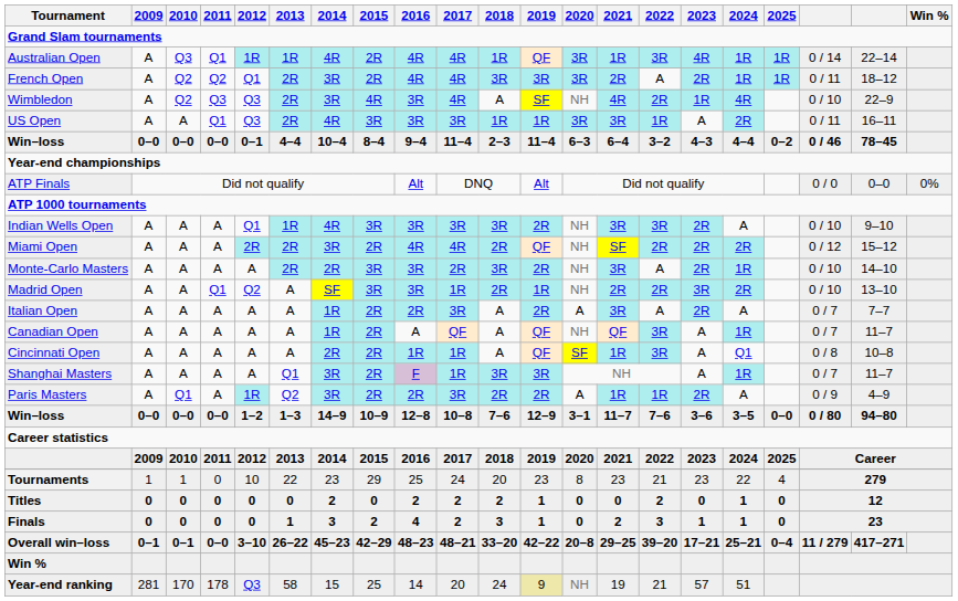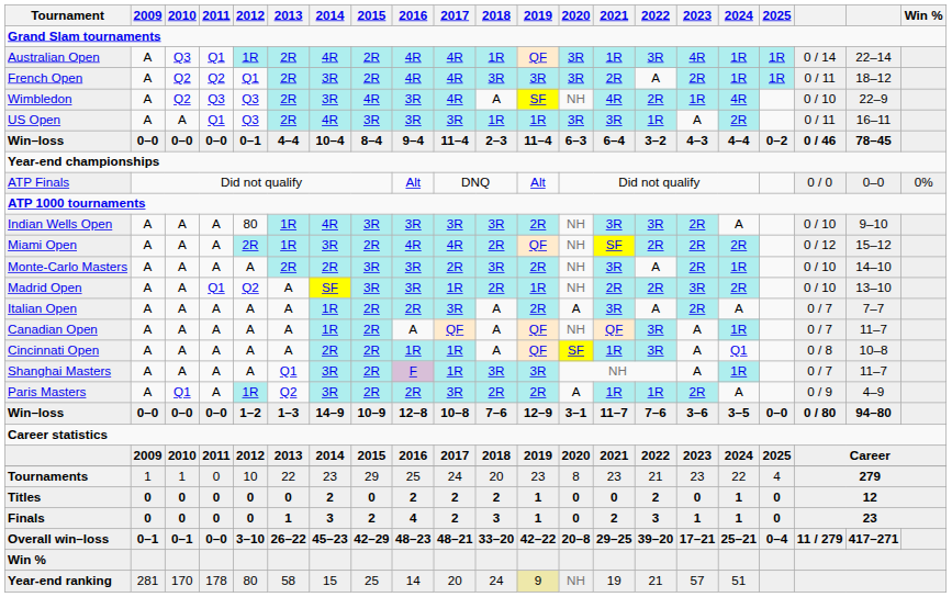 <table class=wikitable style=text-align:center;font-size:96%>
 <tr>
 <th>Tournament</th>
 <th><a href='#'>2009</a></th>
 <th><a href='#'>2010</a></th>
 <th><a href='#'>2011</a></th>
 <th><a href='#'>2012</a></th>
 <th><a href='#'>2013</a></th>
 <th><a href='#'>2014</a></th>
 <th><a href='#'>2015</a></th>
 <th><a href='#'>2016</a></th>
 <th><a href='#'>2017</a></th>
 <th><a href='#'>2018</a></th>
 <th><a href='#'>2019</a></th>
 <th><a href='#'>2020</a></th>
 <th><a href='#'>2021</a></th>
 <th><a href='#'>2022</a></th>
 <th><a href='#'>2023</a></th>
 <th><a href='#'>2024</a></th>
 <th><a href='#'>2025</a></th>
 <th></th>
 <th></th>
 <th>Win %</th>
 </tr>
 <tr>
 <td colspan=21 style="text-align:left"><strong><a href='#'>Grand Slam tournaments</a></strong></td>
 </tr>
 <tr>
 <td bgcolor=efefef align=left><a href='#'>Australian Open</a></td>
 <td>A</td>
 <td><a href='#'>Q3</a></td>
 <td><a href='#'>Q1</a></td>
 <td bgcolor=afeeee><a href='#'>1R</a></td>
-<td bgcolor=afeeee><a href='#'>1R</a></td>
+<td bgcolor=afeeee><a href='#'>2R</a></td>
 <td bgcolor=afeeee><a href='#'>4R</a></td>
 <td bgcolor=afeeee><a href='#'>2R</a></td>
 <td bgcolor=afeeee><a href='#'>4R</a></td>
 <td bgcolor=afeeee><a href='#'>4R</a></td>
 <td bgcolor=afeeee><a href='#'>1R</a></td>
 <td style=background:blanchedalmond><a href='#'>QF</a></td>
 <td bgcolor=afeeee><a href='#'>3R</a></td>
 <td bgcolor=afeeee><a href='#'>1R</a></td>
 <td bgcolor=afeeee><a href='#'>3R</a></td>
 <td bgcolor=afeeee><a href='#'>4R</a></td>
 <td bgcolor=afeeee><a href='#'>1R</a></td>
 <td bgcolor=afeeee><a href='#'>1R</a></td>
 <td bgcolor=efefef>0 / 14</td>
 <td bgcolor=efefef>22–14</td>
 <td bgcolor=efefef></td>
 </tr>
 <tr>
 <td bgcolor=efefef align=left><a href='#'>French Open</a></td>
 <td>A</td>
 <td><a href='#'>Q2</a></td>
 <td><a href='#'>Q2</a></td>
 <td><a href='#'>Q1</a></td>
 <td bgcolor=afeeee><a href='#'>2R</a></td>
 <td bgcolor=afeeee><a href='#'>3R</a></td>
 <td bgcolor=afeeee><a href='#'>2R</a></td>
 <td bgcolor=afeeee><a href='#'>4R</a></td>
 <td bgcolor=afeeee><a href='#'>4R</a></td>
 <td bgcolor=afeeee><a href='#'>3R</a></td>
 <td bgcolor=afeeee><a href='#'>3R</a></td>
 <td bgcolor=afeeee><a href='#'>3R</a></td>
 <td bgcolor=afeeee><a href='#'>2R</a></td>
 <td>A</td>
 <td bgcolor=afeeee><a href='#'>2R</a></td>
 <td bgcolor=afeeee><a href='#'>1R</a></td>
 <td bgcolor=afeeee><a href='#'>1R</a></td>
 <td bgcolor=efefef>0 / 11</td>
 <td bgcolor=efefef>18–12</td>
 <td bgcolor=efefef></td>
 </tr>
 <tr>
 <td bgcolor=efefef align=left><a href='#'>Wimbledon</a></td>
 <td>A</td>
 <td><a href='#'>Q2</a></td>
 <td><a href='#'>Q3</a></td>
 <td><a href='#'>Q3</a></td>
 <td bgcolor=afeeee><a href='#'>2R</a></td>
 <td bgcolor=afeeee><a href='#'>3R</a></td>
 <td bgcolor=afeeee><a href='#'>4R</a></td>
 <td bgcolor=afeeee><a href='#'>3R</a></td>
 <td bgcolor=afeeee><a href='#'>4R</a></td>
 <td>A</td>
 <td bgcolor=yellow><a href='#'>SF</a></td>
 <td style=color:#767676>NH</td>
 <td bgcolor=afeeee><a href='#'>4R</a></td>
 <td bgcolor=afeeee><a href='#'>2R</a></td>
 <td bgcolor=afeeee><a href='#'>1R</a></td>
 <td bgcolor=afeeee><a href='#'>4R</a></td>
 <td></td>
 <td bgcolor=efefef>0 / 10</td>
 <td bgcolor=efefef>22–9</td>
 <td bgcolor=efefef></td>
 </tr>
 <tr>
 <td bgcolor=efefef align=left><a href='#'>US Open</a></td>
 <td>A</td>
 <td>A</td>
 <td><a href='#'>Q1</a></td>
 <td><a href='#'>Q3</a></td>
 <td bgcolor=afeeee><a href='#'>2R</a></td>
 <td bgcolor=afeeee><a href='#'>4R</a></td>
 <td bgcolor=afeeee><a href='#'>3R</a></td>
 <td bgcolor=afeeee><a href='#'>3R</a></td>
 <td bgcolor=afeeee><a href='#'>3R</a></td>
 <td bgcolor=afeeee><a href='#'>1R</a></td>
 <td bgcolor=afeeee><a href='#'>1R</a></td>
 <td bgcolor=afeeee><a href='#'>3R</a></td>
 <td bgcolor=afeeee><a href='#'>3R</a></td>
 <td bgcolor=afeeee><a href='#'>1R</a></td>
 <td>A</td>
 <td bgcolor=afeeee><a href='#'>2R</a></td>
 <td></td>
 <td bgcolor=efefef>0 / 11</td>
 <td bgcolor=efefef>16–11</td>
 <td bgcolor=efefef></td>
 </tr>
 <tr style="font-weight:bold;background:#efefef">
 <td style="text-align:left">Win–loss</td>
 <td>0–0</td>
 <td>0–0</td>
 <td>0–0</td>
 <td>0–1</td>
 <td>4–4</td>
 <td>10–4</td>
 <td>8–4</td>
 <td>9–4</td>
 <td>11–4</td>
 <td>2–3</td>
 <td>11–4</td>
 <td>6–3</td>
 <td>6–4</td>
 <td>3–2</td>
 <td>4–3</td>
 <td>4–4</td>
 <td>0–2</td>
 <td>0 / 46</td>
 <td>78–45</td>
 <td></td>
 </tr>
 <tr>
 <td colspan=21 style="text-align:left"><strong>Year-end championships</strong></td>
 </tr>
 <tr>
 <td align=left style=background:#efefef><a href='#'>ATP Finals</a></td>
 <td colspan=7>Did not qualify</td>
 <td><a href='#'>Alt</a></td>
 <td colspan=2>DNQ</td>
 <td><a href='#'>Alt</a></td>
 <td colspan=5>Did not qualify</td>
 <td></td>
 <td bgcolor=efefef>0 / 0</td>
 <td bgcolor=efefef>0–0</td>
 <td bgcolor=efefef>0%</td>
 </tr>
 <tr>
 <td colspan=21 style="text-align:left"><strong><a href='#'>ATP 1000 tournaments</a></strong></td>
 </tr>
 <tr>
 <td bgcolor=efefef align="left"><a href='#'>Indian Wells Open</a></td>
 <td>A</td>
 <td>A</td>
 <td>A</td>
-<td><a href='#'>Q1</a></td>
+<td>80</td>
 <td bgcolor=afeeee><a href='#'>1R</a></td>
 <td bgcolor=afeeee><a href='#'>4R</a></td>
 <td bgcolor=afeeee><a href='#'>3R</a></td>
 <td bgcolor=afeeee><a href='#'>3R</a></td>
 <td bgcolor=afeeee><a href='#'>3R</a></td>
 <td bgcolor=afeeee><a href='#'>3R</a></td>
 <td bgcolor=afeeee><a href='#'>2R</a></td>
 <td style=color:#767676>NH</td>
 <td bgcolor=afeeee><a href='#'>3R</a></td>
 <td bgcolor=afeeee><a href='#'>3R</a></td>
 <td bgcolor=afeeee><a href='#'>2R</a></td>
 <td>A</td>
 <td></td>
 <td bgcolor=efefef>0 / 10</td>
 <td bgcolor=efefef>9–10</td>
 <td bgcolor=efefef></td>
 </tr>
 <tr>
 <td bgcolor=efefef align=left><a href='#'>Miami Open</a></td>
 <td>A</td>
 <td>A</td>
 <td>A</td>
 <td bgcolor=afeeee><a href='#'>2R</a></td>
-<td bgcolor=afeeee><a href='#'>2R</a></td>
+<td bgcolor=afeeee><a href='#'>1R</a></td>
 <td bgcolor=afeeee><a href='#'>3R</a></td>
 <td bgcolor=afeeee><a href='#'>2R</a></td>
 <td bgcolor=afeeee><a href='#'>4R</a></td>
 <td bgcolor=afeeee><a href='#'>4R</a></td>
 <td bgcolor=afeeee><a href='#'>2R</a></td>
 <td bgcolor=ffebcd><a href='#'>QF</a></td>
 <td style=color:#767676>NH</td>
 <td bgcolor=yellow><a href='#'>SF</a></td>
 <td bgcolor=afeeee><a href='#'>2R</a></td>
 <td bgcolor=afeeee><a href='#'>2R</a></td>
 <td bgcolor=afeeee><a href='#'>2R</a></td>
 <td></td>
 <td bgcolor=efefef>0 / 12</td>
 <td bgcolor=efefef>15–12</td>
 <td bgcolor=efefef></td>
 </tr>
 <tr>
 <td bgcolor=efefef align=left><a href='#'>Monte-Carlo Masters</a></td>
 <td>A</td>
 <td>A</td>
 <td>A</td>
 <td>A</td>
 <td bgcolor=afeeee><a href='#'>2R</a></td>
 <td bgcolor=afeeee><a href='#'>2R</a></td>
 <td bgcolor=afeeee><a href='#'>3R</a></td>
 <td bgcolor=afeeee><a href='#'>3R</a></td>
 <td bgcolor=afeeee><a href='#'>2R</a></td>
 <td bgcolor=afeeee><a href='#'>3R</a></td>
 <td bgcolor=afeeee><a href='#'>2R</a></td>
 <td style=color:#767676>NH</td>
 <td bgcolor=afeeee><a href='#'>3R</a></td>
 <td>A</td>
 <td bgcolor=afeeee><a href='#'>2R</a></td>
 <td bgcolor=afeeee><a href='#'>1R</a></td>
 <td></td>
 <td bgcolor=efefef>0 / 10</td>
 <td bgcolor=efefef>14–10</td>
 <td bgcolor=efefef></td>
 </tr>
 <tr>
 <td bgcolor=efefef align=left><a href='#'>Madrid Open</a></td>
 <td>A</td>
 <td>A</td>
 <td><a href='#'>Q1</a></td>
 <td><a href='#'>Q2</a></td>
 <td>A</td>
 <td bgcolor=yellow><a href='#'>SF</a></td>
 <td bgcolor=afeeee><a href='#'>3R</a></td>
 <td bgcolor=afeeee><a href='#'>3R</a></td>
 <td bgcolor=afeeee><a href='#'>1R</a></td>
 <td bgcolor=afeeee><a href='#'>2R</a></td>
 <td bgcolor=afeeee><a href='#'>1R</a></td>
 <td style=color:#767676>NH</td>
 <td bgcolor=afeeee><a href='#'>2R</a></td>
 <td bgcolor=afeeee><a href='#'>2R</a></td>
 <td bgcolor=afeeee><a href='#'>3R</a></td>
 <td bgcolor=afeeee><a href='#'>2R</a></td>
 <td></td>
 <td bgcolor=efefef>0 / 10</td>
 <td bgcolor=efefef>13–10</td>
 <td bgcolor=efefef></td>
 </tr>
 <tr>
 <td bgcolor=efefef align=left><a href='#'>Italian Open</a></td>
 <td>A</td>
 <td>A</td>
 <td>A</td>
 <td>A</td>
 <td>A</td>
 <td bgcolor=afeeee><a href='#'>1R</a></td>
 <td bgcolor=afeeee><a href='#'>2R</a></td>
 <td bgcolor=afeeee><a href='#'>2R</a></td>
 <td bgcolor=afeeee><a href='#'>3R</a></td>
 <td>A</td>
 <td bgcolor=afeeee><a href='#'>2R</a></td>
 <td>A</td>
 <td bgcolor=afeeee><a href='#'>3R</a></td>
 <td>A</td>
 <td bgcolor=afeeee><a href='#'>2R</a></td>
 <td>A</td>
 <td></td>
 <td bgcolor=efefef>0 / 7</td>
 <td bgcolor=efefef>7–7</td>
 <td bgcolor=efefef></td>
 </tr>
 <tr>
 <td bgcolor=efefef align=left><a href='#'>Canadian Open</a></td>
 <td>A</td>
 <td>A</td>
 <td>A</td>
 <td>A</td>
 <td>A</td>
 <td bgcolor=afeeee><a href='#'>1R</a></td>
 <td bgcolor=afeeee><a href='#'>2R</a></td>
 <td>A</td>
 <td bgcolor=ffebcd><a href='#'>QF</a></td>
 <td>A</td>
 <td bgcolor=ffebcd><a href='#'>QF</a></td>
 <td style=color:#767676>NH</td>
 <td bgcolor=ffebcd><a href='#'>QF</a></td>
 <td bgcolor=afeeee><a href='#'>3R</a></td>
 <td>A</td>
 <td bgcolor=afeeee><a href='#'>1R</a></td>
 <td></td>
 <td bgcolor=efefef>0 / 7</td>
 <td bgcolor=efefef>11–7</td>
 <td bgcolor=efefef></td>
 </tr>
 <tr>
 <td bgcolor=efefef align=left><a href='#'>Cincinnati Open</a></td>
 <td>A</td>
 <td>A</td>
 <td>A</td>
 <td>A</td>
 <td>A</td>
 <td bgcolor=afeeee><a href='#'>2R</a></td>
 <td bgcolor=afeeee><a href='#'>2R</a></td>
 <td bgcolor=afeeee><a href='#'>1R</a></td>
 <td bgcolor=afeeee><a href='#'>1R</a></td>
 <td>A</td>
 <td bgcolor=ffebcd><a href='#'>QF</a></td>
 <td bgcolor=yellow><a href='#'>SF</a></td>
 <td bgcolor=afeeee><a href='#'>1R</a></td>
 <td bgcolor=afeeee><a href='#'>3R</a></td>
 <td>A</td>
 <td><a href='#'>Q1</a></td>
 <td></td>
 <td bgcolor=efefef>0 / 8</td>
 <td bgcolor=efefef>10–8</td>
 <td bgcolor=efefef></td>
 </tr>
 <tr>
 <td bgcolor=efefef align=left><a href='#'>Shanghai Masters</a></td>
 <td>A</td>
 <td>A</td>
 <td>A</td>
 <td>A</td>
 <td><a href='#'>Q1</a></td>
 <td bgcolor=afeeee><a href='#'>3R</a></td>
 <td bgcolor=afeeee><a href='#'>2R</a></td>
 <td bgcolor=thistle><a href='#'>F</a></td>
 <td bgcolor=afeeee><a href='#'>1R</a></td>
 <td bgcolor=afeeee><a href='#'>3R</a></td>
 <td bgcolor=afeeee><a href='#'>3R</a></td>
 <td colspan=3 style=color:#767676>NH</td>
 <td>A</td>
 <td bgcolor=afeeee><a href='#'>1R</a></td>
 <td></td>
 <td bgcolor=efefef>0 / 7</td>
 <td bgcolor=efefef>11–7</td>
 <td bgcolor=efefef></td>
 </tr>
 <tr>
 <td bgcolor=efefef align=left><a href='#'>Paris Masters</a></td>
 <td>A</td>
 <td><a href='#'>Q1</a></td>
 <td>A</td>
 <td bgcolor=afeeee><a href='#'>1R</a></td>
 <td><a href='#'>Q2</a></td>
 <td bgcolor=afeeee><a href='#'>3R</a></td>
 <td bgcolor=afeeee><a href='#'>2R</a></td>
 <td bgcolor=afeeee><a href='#'>2R</a></td>
 <td bgcolor=afeeee><a href='#'>3R</a></td>
 <td bgcolor=afeeee><a href='#'>2R</a></td>
 <td bgcolor=afeeee><a href='#'>2R</a></td>
 <td>A</td>
 <td bgcolor=afeeee><a href='#'>1R</a></td>
 <td bgcolor=afeeee><a href='#'>1R</a></td>
 <td bgcolor=afeeee><a href='#'>2R</a></td>
 <td>A</td>
 <td></td>
 <td bgcolor=efefef>0 / 9</td>
 <td bgcolor=efefef>4–9</td>
 <td bgcolor=efefef></td>
 </tr>
 <tr style="font-weight:bold;background:#efefef">
 <td style="text-align:left">Win–loss</td>
 <td>0–0</td>
 <td>0–0</td>
 <td>0–0</td>
 <td>1–2</td>
 <td>1–3</td>
 <td>14–9</td>
 <td>10–9</td>
 <td>12–8</td>
 <td>10–8</td>
 <td>7–6</td>
 <td>12–9</td>
 <td>3–1</td>
 <td>11–7</td>
 <td>7–6</td>
 <td>3–6</td>
 <td>3–5</td>
 <td>0–0</td>
 <td>0 / 80</td>
 <td>94–80</td>
 <td></td>
 </tr>
 <tr>
 <td colspan=21 style="text-align:left"><strong>Career statistics</strong></td>
 </tr>
 <tr style="font-weight:bold;background:#efefef">
 <td></td>
 <td>2009</td>
 <td>2010</td>
 <td>2011</td>
 <td>2012</td>
 <td>2013</td>
 <td>2014</td>
 <td>2015</td>
 <td>2016</td>
 <td>2017</td>
 <td>2018</td>
 <td>2019</td>
 <td>2020</td>
 <td>2021</td>
 <td>2022</td>
 <td>2023</td>
 <td>2024</td>
 <td>2025</td>
 <td colspan="3">Career</td>
 </tr>
 <tr>
 </tr>
 <tr bgcolor=efefef>
 <th style=text-align:left>Tournaments</th>
 <td>1</td>
 <td>1</td>
 <td>0</td>
 <td>10</td>
 <td>22</td>
 <td>23</td>
 <td>29</td>
 <td>25</td>
 <td>24</td>
 <td>20</td>
 <td>23</td>
 <td>8</td>
 <td>23</td>
 <td>21</td>
 <td>23</td>
 <td>22</td>
 <td>4</td>
 <td colspan=3><strong>279</strong></td>
 </tr>
 <tr style=font-weight:bold;background:#efefef>
 <td style=text-align:left>Titles</td>
 <td>0</td>
 <td>0</td>
 <td>0</td>
 <td>0</td>
 <td>0</td>
 <td>2</td>
 <td>0</td>
 <td>2</td>
 <td>2</td>
 <td>2</td>
 <td>1</td>
 <td>0</td>
 <td>0</td>
 <td>2</td>
 <td>0</td>
 <td>1</td>
 <td>0</td>
 <td colspan=3>12</td>
 </tr>
 <tr style=font-weight:bold;background:#efefef>
 <td style=text-align:left>Finals</td>
 <td>0</td>
 <td>0</td>
 <td>0</td>
 <td>0</td>
 <td>1</td>
 <td>3</td>
 <td>2</td>
 <td>4</td>
 <td>2</td>
 <td>3</td>
 <td>1</td>
 <td>0</td>
 <td>2</td>
 <td>3</td>
 <td>1</td>
 <td>1</td>
 <td>0</td>
 <td colspan=3>23</td>
 </tr>
 <tr style="font-weight:bold;background:#efefef">
 <td style="text-align:left">Overall win–loss</td>
 <td>0–1</td>
 <td>0–1</td>
 <td>0–0</td>
 <td>3–10</td>
 <td>26–22</td>
 <td>45–23</td>
 <td>42–29</td>
 <td>48–23</td>
 <td>48–21</td>
 <td>33–20</td>
 <td>42–22</td>
 <td>20–8</td>
 <td>29–25</td>
 <td>39–20</td>
 <td>17–21</td>
 <td>25–21</td>
 <td>0–4</td>
 <td>11 / 279</td>
 <td>417–271</td>
 <td></td>
 </tr>
 <tr style="font-weight:bold;background:#efefef">
 <td style="text-align:left">Win %</td>
 <td></td>
 <td></td>
 <td></td>
 <td></td>
 <td></td>
 <td></td>
 <td></td>
 <td></td>
 <td></td>
 <td></td>
 <td></td>
 <td></td>
 <td></td>
 <td></td>
 <td></td>
 <td></td>
 <td></td>
 <td colspan="3"></td>
 </tr>
 <tr bgcolor=efefef>
 <td align=left><strong>Year-end ranking</strong></td>
 <td>281</td>
 <td>170</td>
 <td>178</td>
-<td><a href='#'>Q3</a></td>
+<td>80</td>
 <td>58</td>
 <td>15</td>
 <td>25</td>
 <td>14</td>
 <td>20</td>
 <td>24</td>
 <td bgcolor=eee8aa>9</td>
 <td style=color:#767676>NH</td>
 <td>19</td>
 <td>21</td>
 <td>57</td>
 <td>51</td>
 <td></td>
 <td colspan=3></td>
 </tr>
 </table>
